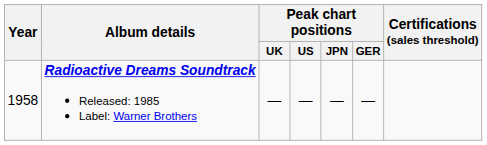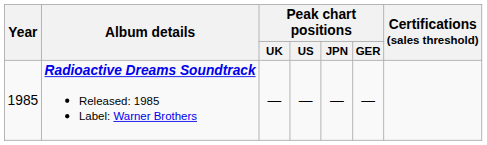 <table class="wikitable" style="text-align:center;">
 <tr>
 <th rowspan="2">Year</th>
 <th rowspan="2">Album details</th>
 <th colspan="4">Peak chart positions</th>
 <th rowspan="2">Certifications<br><small>(sales threshold)</small></th>
 </tr>
 <tr style="font-size:smaller;">
 <th width="30">UK</th>
 <th width="30">US</th>
 <th width="30">JPN</th>
 <th width="30">GER</th>
 </tr>
 <tr>
-<td>1958</td>
+<td>1985</td>
 <td align="left"><strong><em><a href='#'>Radioactive Dreams Soundtrack</a></em></strong><br><ul><li><small>Released: 1985</small></li><li><small>Label: <a href='#'>Warner Brothers</a></small></li></ul></td>
 <td>—</td>
 <td>—</td>
 <td>—</td>
 <td>—</td>
 <td align="left"></td>
 </tr>
 </table>
